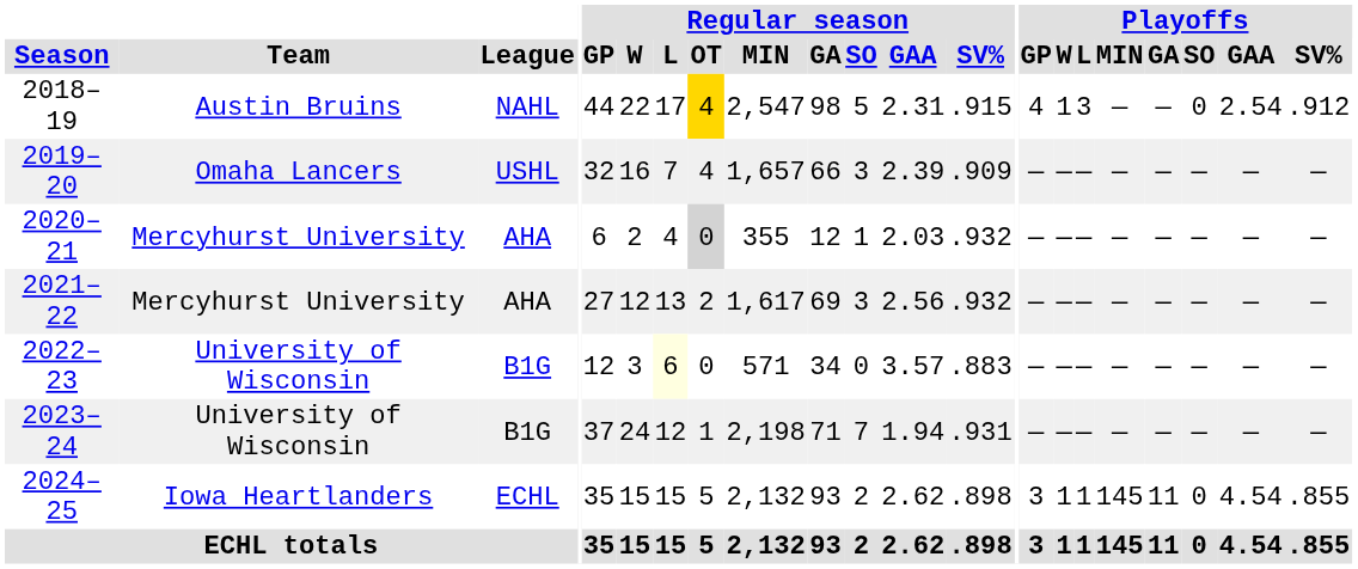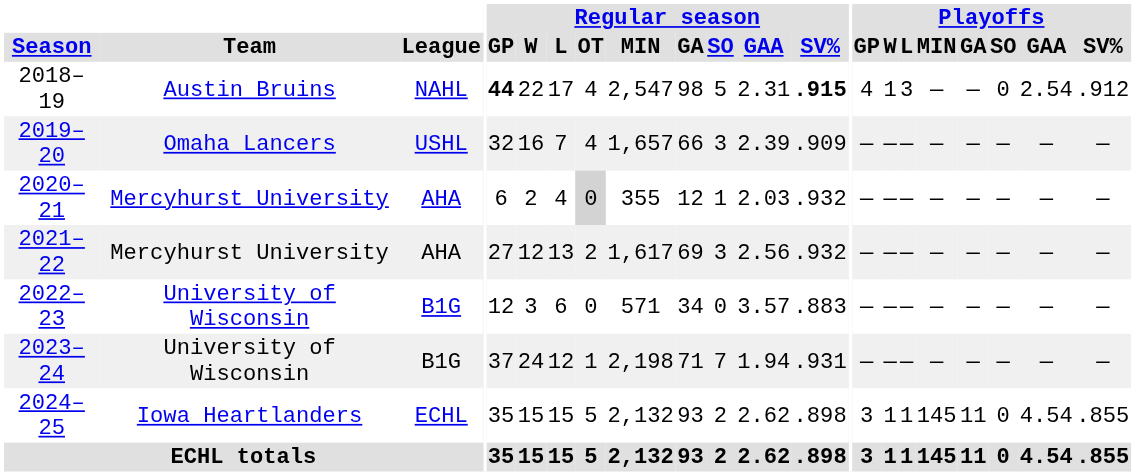 <table border="0" cellpadding="1" cellspacing="0" style="text-align:center; width:75%">
 <tr ALIGN="center" bgcolor="#e0e0e0">
 <th align="center" colspan="3" bgcolor="#ffffff"></th>
 <th align="center" rowspan="99" bgcolor="#ffffff"></th>
 <th align="center" colspan="9" bgcolor="#e0e0e0"><a href='#'>Regular season</a></th>
 <th align="center" rowspan="99" bgcolor="#ffffff"></th>
 <th align="center" colspan="8" bgcolor="#e0e0e0"><a href='#'>Playoffs</a></th>
 </tr>
 <tr ALIGN="center" bgcolor="#e0e0e0">
 <th><a href='#'>Season</a></th>
 <th>Team</th>
 <th>League</th>
 <th>GP</th>
 <th>W</th>
 <th>L</th>
 <th>OT</th>
 <th>MIN</th>
 <th>GA</th>
 <th><a href='#'>SO</a></th>
 <th><a href='#'>GAA</a></th>
 <th><a href='#'>SV%</a></th>
 <th>GP</th>
 <th>W</th>
 <th>L</th>
 <th>MIN</th>
 <th>GA</th>
 <th>SO</th>
 <th>GAA</th>
 <th>SV%</th>
 </tr>
 <tr>
 <td>2018–19</td>
 <td><a href='#'>Austin Bruins</a></td>
 <td><a href='#'>NAHL</a></td>
-<td>44</td>
+<td><strong>44</strong></td>
 <td>22</td>
 <td>17</td>
-<td style="background: gold;">4</td>
+<td>4</td>
 <td>2,547</td>
 <td>98</td>
 <td>5</td>
 <td>2.31</td>
-<td>.915</td>
+<td><strong>.915</strong></td>
 <td>4</td>
 <td>1</td>
 <td>3</td>
 <td>—</td>
 <td>—</td>
 <td>0</td>
 <td>2.54</td>
 <td>.912</td>
 </tr>
 <tr bgcolor="#f0f0f0">
 <td><a href='#'>2019–20</a></td>
 <td><a href='#'>Omaha Lancers</a></td>
 <td><a href='#'>USHL</a></td>
 <td>32</td>
 <td>16</td>
 <td>7</td>
 <td>4</td>
 <td>1,657</td>
 <td>66</td>
 <td>3</td>
 <td>2.39</td>
 <td>.909</td>
 <td>—</td>
 <td>—</td>
 <td>—</td>
 <td>—</td>
 <td>—</td>
 <td>—</td>
 <td>—</td>
 <td>—</td>
 </tr>
 <tr>
 <td><a href='#'>2020–21</a></td>
 <td><a href='#'>Mercyhurst University</a></td>
 <td><a href='#'>AHA</a></td>
 <td>6</td>
 <td>2</td>
 <td>4</td>
 <td style="background: lightgrey;">0</td>
 <td>355</td>
 <td>12</td>
 <td>1</td>
 <td>2.03</td>
 <td>.932</td>
 <td>—</td>
 <td>—</td>
 <td>—</td>
 <td>—</td>
 <td>—</td>
 <td>—</td>
 <td>—</td>
 <td>—</td>
 </tr>
 <tr bgcolor="#f0f0f0">
 <td><a href='#'>2021–22</a></td>
 <td>Mercyhurst University</td>
 <td>AHA</td>
 <td>27</td>
 <td>12</td>
 <td>13</td>
 <td>2</td>
 <td>1,617</td>
 <td>69</td>
 <td>3</td>
 <td>2.56</td>
 <td>.932</td>
 <td>—</td>
 <td>—</td>
 <td>—</td>
 <td>—</td>
 <td>—</td>
 <td>—</td>
 <td>—</td>
 <td>—</td>
 </tr>
 <tr>
 <td><a href='#'>2022–23</a></td>
 <td><a href='#'>University of Wisconsin</a></td>
 <td><a href='#'>B1G</a></td>
 <td>12</td>
 <td>3</td>
-<td style="background: lightyellow;">6</td>
+<td>6</td>
 <td>0</td>
 <td>571</td>
 <td>34</td>
 <td>0</td>
 <td>3.57</td>
 <td>.883</td>
 <td>—</td>
 <td>—</td>
 <td>—</td>
 <td>—</td>
 <td>—</td>
 <td>—</td>
 <td>—</td>
 <td>—</td>
 </tr>
 <tr bgcolor="#f0f0f0">
 <td><a href='#'>2023–24</a></td>
 <td>University of Wisconsin</td>
 <td>B1G</td>
 <td>37</td>
 <td>24</td>
 <td>12</td>
 <td>1</td>
 <td>2,198</td>
 <td>71</td>
 <td>7</td>
 <td>1.94</td>
 <td>.931</td>
 <td>—</td>
 <td>—</td>
 <td>—</td>
 <td>—</td>
 <td>—</td>
 <td>—</td>
 <td>—</td>
 <td>—</td>
 </tr>
 <tr>
 <td><a href='#'>2024–25</a></td>
 <td><a href='#'>Iowa Heartlanders</a></td>
 <td><a href='#'>ECHL</a></td>
 <td>35</td>
 <td>15</td>
 <td>15</td>
 <td>5</td>
 <td>2,132</td>
 <td>93</td>
 <td>2</td>
 <td>2.62</td>
 <td>.898</td>
 <td>3</td>
 <td>1</td>
 <td>1</td>
 <td>145</td>
 <td>11</td>
 <td>0</td>
 <td>4.54</td>
 <td>.855</td>
 </tr>
 <tr bgcolor="#e0e0e0">
 <th colspan=3>ECHL totals</th>
 <th>35</th>
 <th>15</th>
 <th>15</th>
 <th>5</th>
 <th>2,132</th>
 <th>93</th>
 <th>2</th>
 <th>2.62</th>
 <th>.898</th>
 <th>3</th>
 <th>1</th>
 <th>1</th>
 <th>145</th>
 <th>11</th>
 <th>0</th>
 <th>4.54</th>
 <th>.855</th>
 </tr>
 </table>
